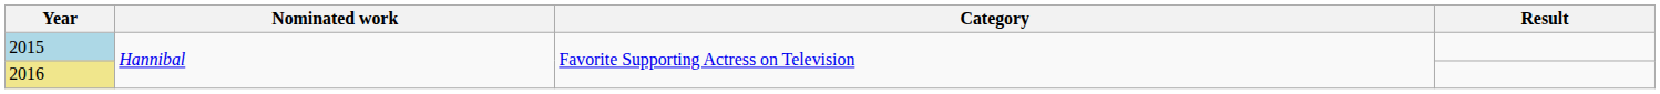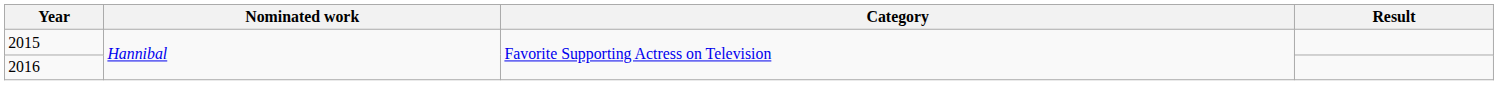 <table style="width:95%;" class="wikitable sortable">
 <tr>
 <th style="width:5%;">Year</th>
 <th style="width:20%;">Nominated work</th>
 <th style="width:40%;">Category</th>
 <th style="width:10%;">Result</th>
 </tr>
 <tr>
-<td style="background: lightblue;">2015</td>
+<td>2015</td>
 <td rowspan="2"><em><a href='#'>Hannibal</a></em></td>
 <td rowspan="2"><a href='#'>Favorite Supporting Actress on Television</a></td>
 <td></td>
 </tr>
 <tr>
-<td style="background: khaki;">2016</td>
+<td>2016</td>
 <td></td>
 </tr>
 </table>
